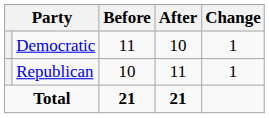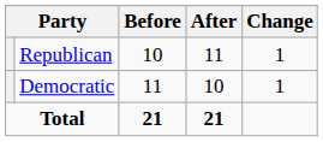 <table class="wikitable" style="text-align:center;">
 <tr>
 </tr>
 <tr>
 <th colspan=2>Party</th>
 <th>Before</th>
 <th>After</th>
 <th>Change</th>
 </tr>
 <tr>
 <th style="background-color:"></th>
-<td style="text-align:left;"><a href='#'>Democratic</a></td>
+<td style="text-align:left;"><a href='#'>Republican</a></td>
+<td>10</td>
 <td>11</td>
-<td>10</td>
 <td> 1</td>
 </tr>
 <tr>
 <th style="background-color:"></th>
-<td style="text-align:left;"><a href='#'>Republican</a></td>
+<td style="text-align:left;"><a href='#'>Democratic</a></td>
+<td>11</td>
 <td>10</td>
-<td>11</td>
 <td> 1</td>
 </tr>
 <tr>
 <td colspan=2><strong>Total</strong></td>
 <td><strong>21</strong></td>
 <td><strong>21</strong></td>
 <td></td>
 </tr>
 </table>
